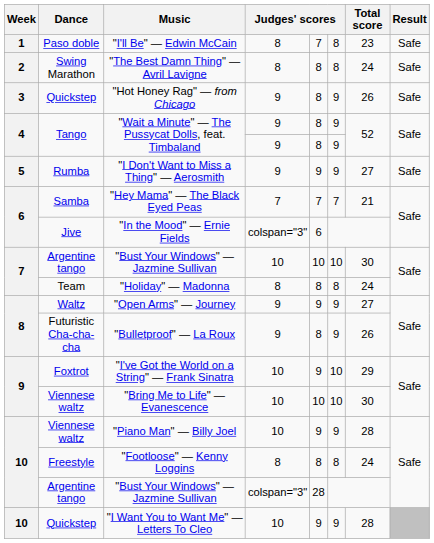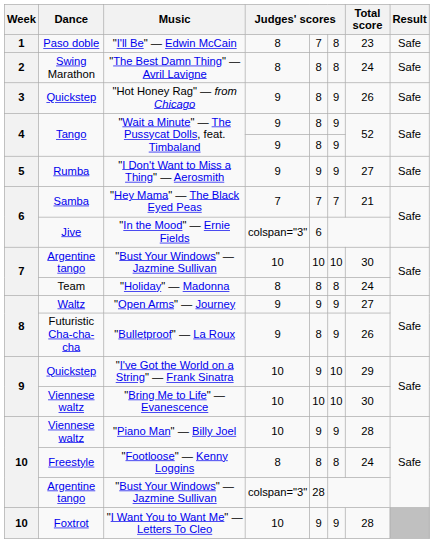 <table class="wikitable unsortable" style="text-align:center;">
 <tr>
 <th scope="col">Week</th>
 <th scope="col">Dance</th>
 <th scope="col">Music</th>
 <th scope="col" colspan="3">Judges' scores</th>
 <th>Total score</th>
 <th scope="col">Result</th>
 </tr>
 <tr>
 <th scope="row">1</th>
 <td><a href='#'>Paso doble</a></td>
 <td>"<a href='#'>I'll Be</a>" — <a href='#'>Edwin McCain</a></td>
 <td>8</td>
 <td>7</td>
 <td>8</td>
 <td>23</td>
 <td>Safe</td>
 </tr>
 <tr>
 <th scope="row">2</th>
 <td><a href='#'>Swing</a> Marathon</td>
 <td>"<a href='#'>The Best Damn Thing</a>" — <a href='#'>Avril Lavigne</a></td>
 <td>8</td>
 <td>8</td>
 <td>8</td>
 <td>24</td>
 <td>Safe</td>
 </tr>
 <tr>
 <th scope="row">3</th>
 <td><a href='#'>Quickstep</a></td>
 <td>"Hot Honey Rag" — <em>from <a href='#'>Chicago</a></em></td>
 <td>9</td>
 <td>8</td>
 <td>9</td>
 <td>26</td>
 <td>Safe</td>
 </tr>
 <tr>
 <th rowspan="2" scope="row">4</th>
 <td rowspan="2"><a href='#'>Tango</a></td>
 <td rowspan="2">"<a href='#'>Wait a Minute</a>" — <a href='#'>The Pussycat Dolls</a>, feat. <a href='#'>Timbaland</a></td>
 <td>9</td>
 <td>8</td>
 <td>9</td>
 <td rowspan="2">52</td>
 <td rowspan="2">Safe</td>
 </tr>
 <tr>
 <td>9</td>
 <td>8</td>
 <td>9</td>
 </tr>
 <tr>
 <th scope="row">5</th>
 <td><a href='#'>Rumba</a></td>
 <td>"<a href='#'>I Don't Want to Miss a Thing</a>" — <a href='#'>Aerosmith</a></td>
 <td>9</td>
 <td>9</td>
 <td>9</td>
 <td>27</td>
 <td>Safe</td>
 </tr>
 <tr>
 <th rowspan="2" scope="row">6</th>
 <td><a href='#'>Samba</a></td>
 <td>"<a href='#'>Hey Mama</a>" — <a href='#'>The Black Eyed Peas</a></td>
 <td>7</td>
 <td>7</td>
 <td>7</td>
 <td>21</td>
 <td rowspan="2">Safe</td>
 </tr>
 <tr>
 <td><a href='#'>Jive</a></td>
 <td>"<a href='#'>In the Mood</a>" — <a href='#'>Ernie Fields</a></td>
 <td>colspan="3" </td>
 <td>6</td>
 </tr>
 <tr>
 <th rowspan="2" scope="row">7</th>
 <td><a href='#'>Argentine tango</a></td>
 <td>"<a href='#'>Bust Your Windows</a>" — <a href='#'>Jazmine Sullivan</a></td>
 <td>10</td>
 <td>10</td>
 <td>10</td>
 <td>30</td>
 <td rowspan="2">Safe</td>
 </tr>
 <tr>
 <td>Team<br></td>
 <td>"<a href='#'>Holiday</a>" — <a href='#'>Madonna</a></td>
 <td>8</td>
 <td>8</td>
 <td>8</td>
 <td>24</td>
 </tr>
 <tr>
 <th rowspan="2" scope="row">8</th>
 <td><a href='#'>Waltz</a></td>
 <td>"<a href='#'>Open Arms</a>" — <a href='#'>Journey</a></td>
 <td>9</td>
 <td>9</td>
 <td>9</td>
 <td>27</td>
 <td rowspan="2">Safe</td>
 </tr>
 <tr>
 <td>Futuristic<br><a href='#'>Cha-cha-cha</a></td>
 <td>"<a href='#'>Bulletproof</a>" — <a href='#'>La Roux</a></td>
 <td>9</td>
 <td>8</td>
 <td>9</td>
 <td>26</td>
 </tr>
 <tr>
 <th rowspan="2" scope="row">9</th>
-<td><a href='#'>Foxtrot</a></td>
+<td><a href='#'>Quickstep</a></td>
 <td>"<a href='#'>I've Got the World on a String</a>" — <a href='#'>Frank Sinatra</a></td>
 <td>10</td>
 <td>9</td>
 <td>10</td>
 <td>29</td>
 <td rowspan="2">Safe</td>
 </tr>
 <tr>
 <td><a href='#'>Viennese waltz</a></td>
 <td>"<a href='#'>Bring Me to Life</a>" — <a href='#'>Evanescence</a></td>
 <td>10</td>
 <td>10</td>
 <td>10</td>
 <td>30</td>
 </tr>
 <tr>
 <th rowspan="3" scope="row">10<br></th>
 <td><a href='#'>Viennese waltz</a></td>
 <td>"<a href='#'>Piano Man</a>" — <a href='#'>Billy Joel</a></td>
 <td>10</td>
 <td>9</td>
 <td>9</td>
 <td>28</td>
 <td rowspan="3">Safe</td>
 </tr>
 <tr>
 <td><a href='#'>Freestyle</a></td>
 <td>"<a href='#'>Footloose</a>" — <a href='#'>Kenny Loggins</a></td>
 <td>8</td>
 <td>8</td>
 <td>8</td>
 <td>24</td>
 </tr>
 <tr>
 <td><a href='#'>Argentine tango</a></td>
 <td>"<a href='#'>Bust Your Windows</a>" — <a href='#'>Jazmine Sullivan</a></td>
 <td>colspan="3" </td>
 <td>28</td>
 </tr>
 <tr>
 <th>10<br></th>
-<td><a href='#'>Quickstep</a></td>
+<td><a href='#'>Foxtrot</a></td>
 <td>"<a href='#'>I Want You to Want Me</a>" — <a href='#'>Letters To Cleo</a></td>
 <td>10</td>
 <td>9</td>
 <td>9</td>
 <td>28</td>
 <td bgcolor=silver></td>
 </tr>
 </table>
